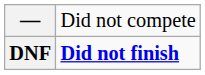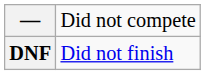 <table class="wikitable">
 <tr>
 <th scope="row">—</th>
 <td>Did not compete</td>
 </tr>
 <tr>
 <th scope="row">DNF</th>
-<td><strong><a href='#'>Did not finish</a></strong></td>
+<td><a href='#'>Did not finish</a></td>
 </tr>
 </table>
